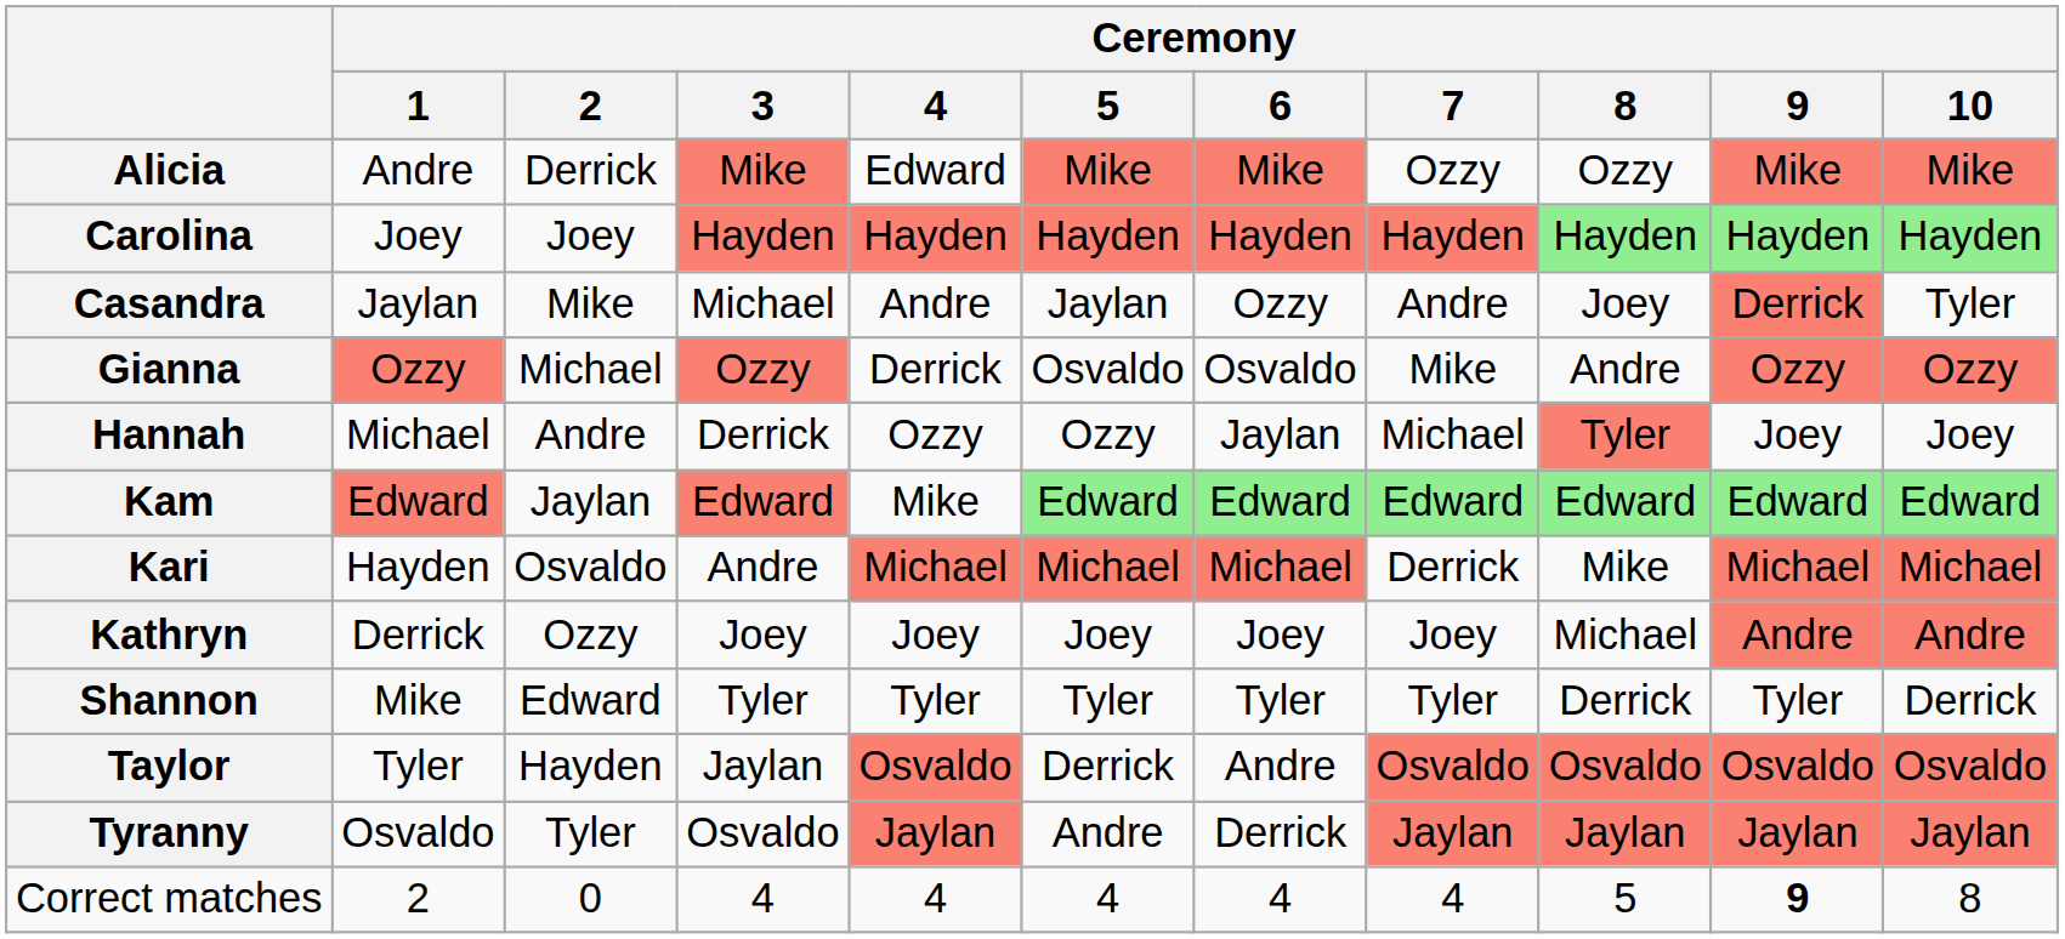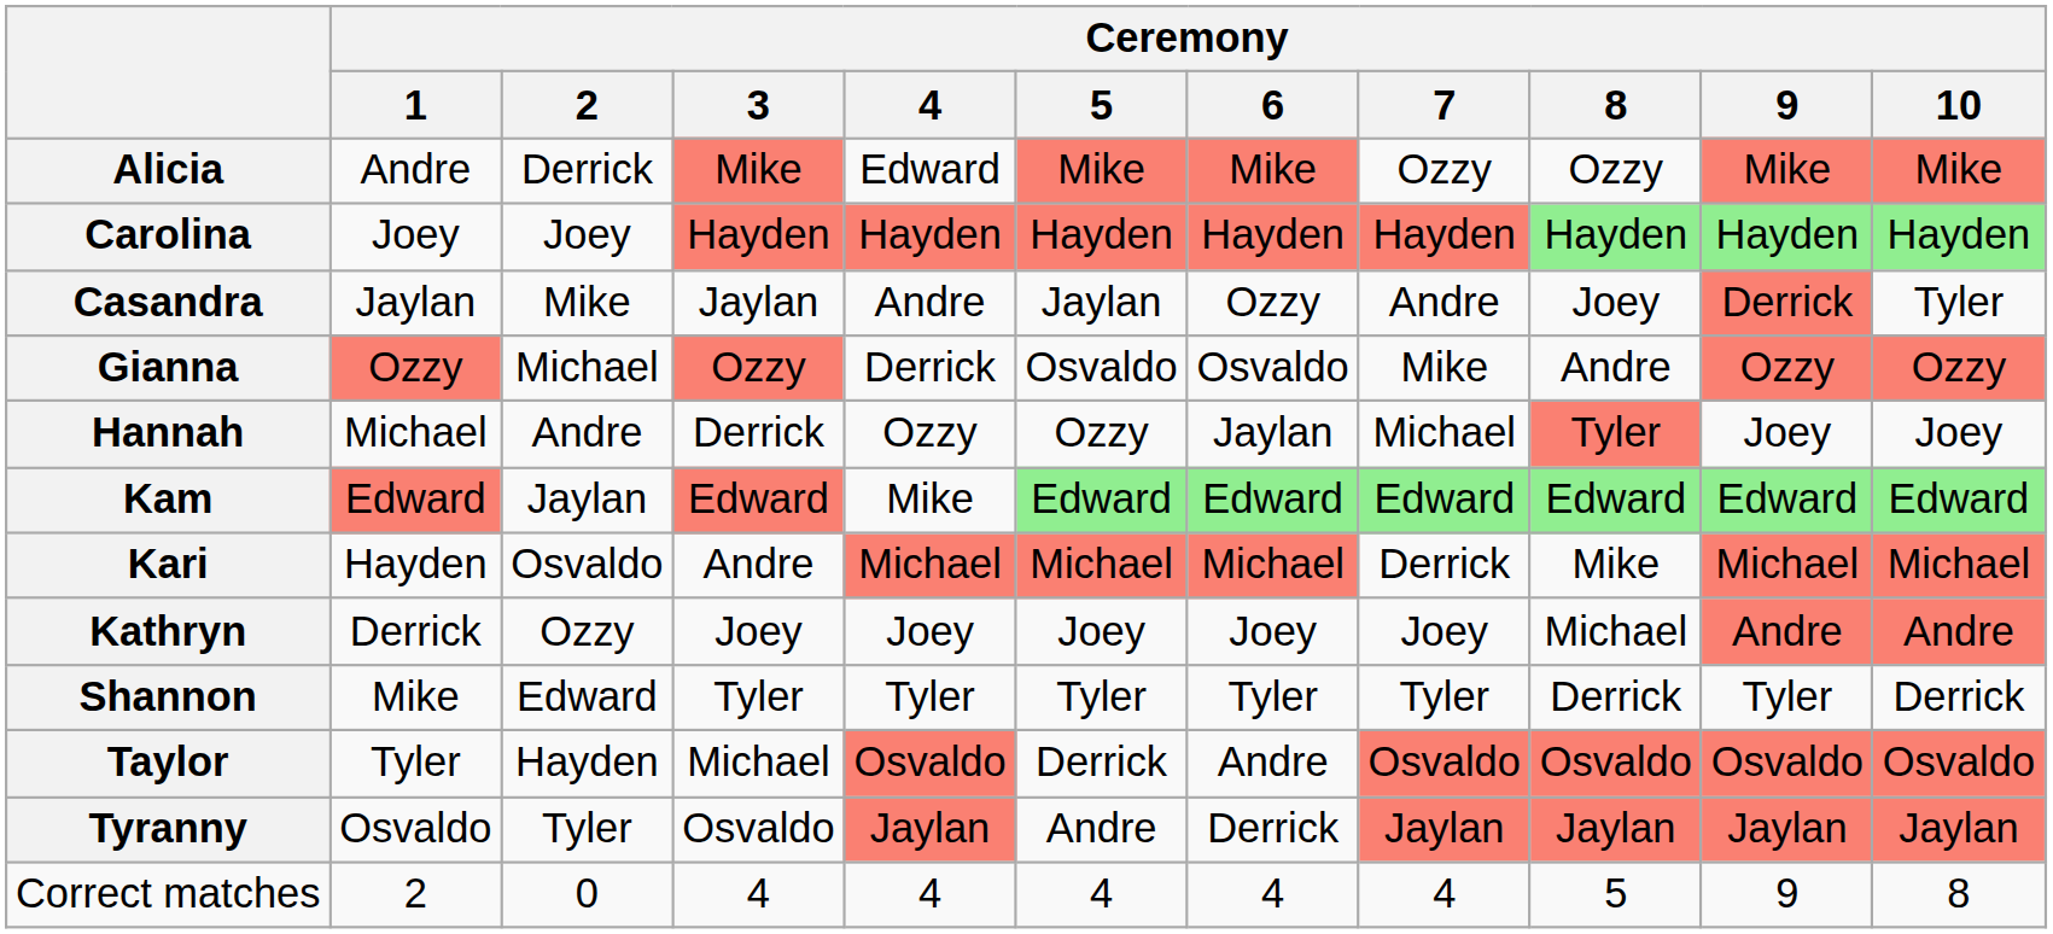 <table class="wikitable" style="text-align:center;">
 <tr>
 <th rowspan="2"></th>
 <th colspan="14" style="text-align:center;">Ceremony</th>
 </tr>
 <tr>
 <th>1</th>
 <th>2</th>
 <th>3</th>
 <th>4</th>
 <th>5</th>
 <th>6</th>
 <th>7</th>
 <th>8</th>
 <th>9</th>
 <th>10</th>
 </tr>
 <tr>
 <th>Alicia</th>
 <td>Andre</td>
 <td>Derrick</td>
 <td style="background:salmon">Mike</td>
 <td>Edward</td>
 <td style="background:salmon">Mike</td>
 <td style="background:salmon">Mike</td>
 <td>Ozzy</td>
 <td>Ozzy</td>
 <td style="background:salmon">Mike</td>
 <td style="background:salmon">Mike</td>
 </tr>
 <tr>
 <th>Carolina</th>
 <td>Joey</td>
 <td>Joey</td>
 <td style="background:salmon">Hayden</td>
 <td style="background:salmon">Hayden</td>
 <td style="background:salmon">Hayden</td>
 <td style="background:salmon">Hayden</td>
 <td style="background:salmon">Hayden</td>
 <td style="background:lightgreen">Hayden</td>
 <td style="background:lightgreen">Hayden</td>
 <td style="background:lightgreen">Hayden</td>
 </tr>
 <tr>
 <th>Casandra</th>
 <td>Jaylan</td>
 <td>Mike</td>
-<td>Michael</td>
+<td>Jaylan</td>
 <td>Andre</td>
 <td>Jaylan</td>
 <td>Ozzy</td>
 <td>Andre</td>
 <td>Joey</td>
 <td style="background:salmon">Derrick</td>
 <td>Tyler</td>
 </tr>
 <tr>
 <th>Gianna</th>
 <td style="background:salmon">Ozzy</td>
 <td>Michael</td>
 <td style="background:salmon">Ozzy</td>
 <td>Derrick</td>
 <td>Osvaldo</td>
 <td>Osvaldo</td>
 <td>Mike</td>
 <td>Andre</td>
 <td style="background:salmon">Ozzy</td>
 <td style="background:salmon">Ozzy</td>
 </tr>
 <tr>
 <th>Hannah</th>
 <td>Michael</td>
 <td>Andre</td>
 <td>Derrick</td>
 <td>Ozzy</td>
 <td>Ozzy</td>
 <td>Jaylan</td>
 <td>Michael</td>
 <td style="background:salmon">Tyler</td>
 <td>Joey</td>
 <td>Joey</td>
 </tr>
 <tr>
 <th>Kam</th>
 <td style="background:salmon">Edward</td>
 <td>Jaylan</td>
 <td style="background:salmon">Edward</td>
 <td>Mike</td>
 <td style="background:lightgreen">Edward</td>
 <td style="background:lightgreen">Edward</td>
 <td style="background:lightgreen">Edward</td>
 <td style="background:lightgreen">Edward</td>
 <td style="background:lightgreen">Edward</td>
 <td style="background:lightgreen">Edward</td>
 </tr>
 <tr>
 <th>Kari</th>
 <td>Hayden</td>
 <td>Osvaldo</td>
 <td>Andre</td>
 <td style="background:salmon">Michael</td>
 <td style="background:salmon">Michael</td>
 <td style="background:salmon">Michael</td>
 <td>Derrick</td>
 <td>Mike</td>
 <td style="background:salmon">Michael</td>
 <td style="background:salmon">Michael</td>
 </tr>
 <tr>
 <th>Kathryn</th>
 <td>Derrick</td>
 <td>Ozzy</td>
 <td>Joey</td>
 <td>Joey</td>
 <td>Joey</td>
 <td>Joey</td>
 <td>Joey</td>
 <td>Michael</td>
 <td style="background:salmon">Andre</td>
 <td style="background:salmon">Andre</td>
 </tr>
 <tr>
 <th>Shannon</th>
 <td>Mike</td>
 <td>Edward</td>
 <td>Tyler</td>
 <td>Tyler</td>
 <td>Tyler</td>
 <td>Tyler</td>
 <td>Tyler</td>
 <td>Derrick</td>
 <td>Tyler</td>
 <td>Derrick</td>
 </tr>
 <tr>
 <th>Taylor</th>
 <td>Tyler</td>
 <td>Hayden</td>
-<td>Jaylan</td>
+<td>Michael</td>
 <td style="background:salmon">Osvaldo</td>
 <td>Derrick</td>
 <td>Andre</td>
 <td style="background:salmon">Osvaldo</td>
 <td style="background:salmon">Osvaldo</td>
 <td style="background:salmon">Osvaldo</td>
 <td style="background:salmon">Osvaldo</td>
 </tr>
 <tr>
 <th>Tyranny</th>
 <td>Osvaldo</td>
 <td>Tyler</td>
 <td>Osvaldo</td>
 <td style="background:salmon">Jaylan</td>
 <td>Andre</td>
 <td>Derrick</td>
 <td style="background:salmon">Jaylan</td>
 <td style="background:salmon">Jaylan</td>
 <td style="background:salmon">Jaylan</td>
 <td style="background:salmon">Jaylan</td>
 </tr>
 <tr>
 <td>Correct matches</td>
 <td>2</td>
 <td>0</td>
 <td>4</td>
 <td>4</td>
 <td>4</td>
 <td>4</td>
 <td>4</td>
 <td>5</td>
-<td><strong>9</strong></td>
+<td>9</td>
 <td>8</td>
 </tr>
 </table>
